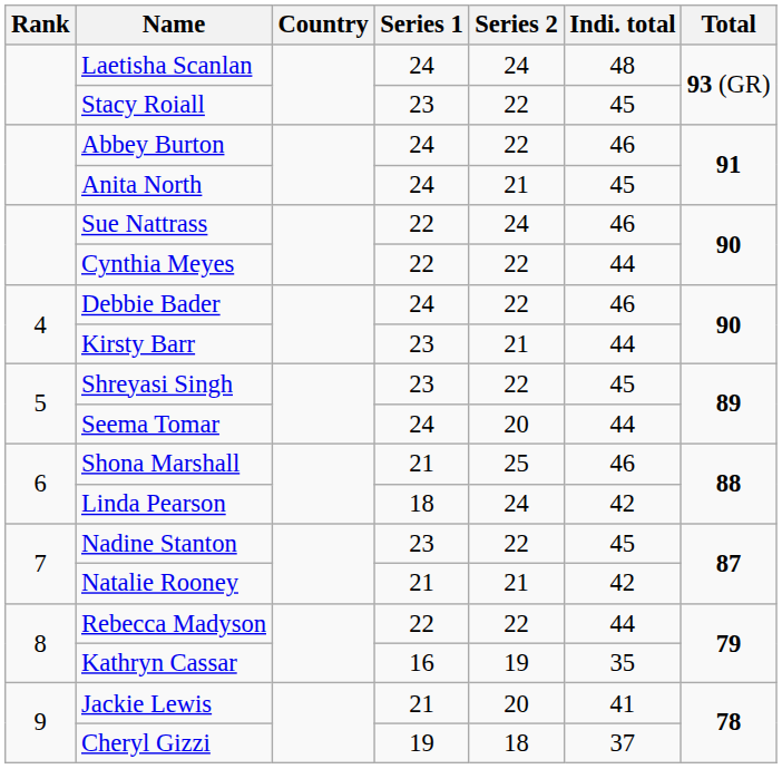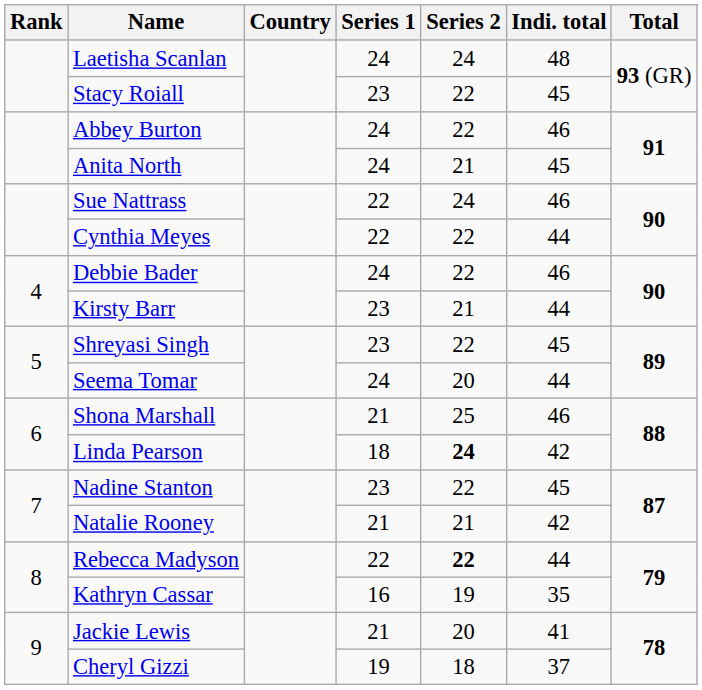 <table class="wikitable sortable" style="text-align:center;">
 <tr>
 <th>Rank</th>
 <th>Name</th>
 <th>Country</th>
 <th>Series 1</th>
 <th>Series 2</th>
 <th>Indi. total</th>
 <th>Total</th>
 </tr>
 <tr>
 <td rowspan=2></td>
 <td align=left><a href='#'>Laetisha Scanlan</a></td>
 <td rowspan=2></td>
 <td>24</td>
 <td>24</td>
 <td>48</td>
 <td rowspan=2><strong>93</strong> (GR)</td>
 </tr>
 <tr>
 <td align=left><a href='#'>Stacy Roiall</a></td>
 <td>23</td>
 <td>22</td>
 <td>45</td>
 </tr>
 <tr>
 <td rowspan=2></td>
 <td align=left><a href='#'>Abbey Burton</a></td>
 <td rowspan=2></td>
 <td>24</td>
 <td>22</td>
 <td>46</td>
 <td rowspan=2><strong>91</strong></td>
 </tr>
 <tr>
 <td align=left><a href='#'>Anita North</a></td>
 <td>24</td>
 <td>21</td>
 <td>45</td>
 </tr>
 <tr>
 <td rowspan=2></td>
 <td align=left><a href='#'>Sue Nattrass</a></td>
 <td rowspan=2></td>
 <td>22</td>
 <td>24</td>
 <td>46</td>
 <td rowspan=2><strong>90</strong></td>
 </tr>
 <tr>
 <td align=left><a href='#'>Cynthia Meyes</a></td>
 <td>22</td>
 <td>22</td>
 <td>44</td>
 </tr>
 <tr>
 <td rowspan=2>4</td>
 <td align=left><a href='#'>Debbie Bader</a></td>
 <td rowspan=2></td>
 <td>24</td>
 <td>22</td>
 <td>46</td>
 <td rowspan=2><strong>90</strong></td>
 </tr>
 <tr>
 <td align=left><a href='#'>Kirsty Barr</a></td>
 <td>23</td>
 <td>21</td>
 <td>44</td>
 </tr>
 <tr>
 <td rowspan=2>5</td>
 <td align=left><a href='#'>Shreyasi Singh</a></td>
 <td rowspan=2></td>
 <td>23</td>
 <td>22</td>
 <td>45</td>
 <td rowspan=2><strong>89</strong></td>
 </tr>
 <tr>
 <td align=left><a href='#'>Seema Tomar</a></td>
 <td>24</td>
 <td>20</td>
 <td>44</td>
 </tr>
 <tr>
 <td rowspan=2>6</td>
 <td align=left><a href='#'>Shona Marshall</a></td>
 <td rowspan=2></td>
 <td>21</td>
 <td>25</td>
 <td>46</td>
 <td rowspan=2><strong>88</strong></td>
 </tr>
 <tr>
 <td align=left><a href='#'>Linda Pearson</a></td>
 <td>18</td>
-<td>24</td>
+<td><strong>24</strong></td>
 <td>42</td>
 </tr>
 <tr>
 <td rowspan=2>7</td>
 <td align=left><a href='#'>Nadine Stanton</a></td>
 <td rowspan=2></td>
 <td>23</td>
 <td>22</td>
 <td>45</td>
 <td rowspan=2><strong>87</strong></td>
 </tr>
 <tr>
 <td align=left><a href='#'>Natalie Rooney</a></td>
 <td>21</td>
 <td>21</td>
 <td>42</td>
 </tr>
 <tr>
 <td rowspan=2>8</td>
 <td align=left><a href='#'>Rebecca Madyson</a></td>
 <td rowspan=2></td>
 <td>22</td>
-<td>22</td>
+<td><strong>22</strong></td>
 <td>44</td>
 <td rowspan=2><strong>79</strong></td>
 </tr>
 <tr>
 <td align=left><a href='#'>Kathryn Cassar</a></td>
 <td>16</td>
 <td>19</td>
 <td>35</td>
 </tr>
 <tr>
 <td rowspan=2>9</td>
 <td align=left><a href='#'>Jackie Lewis</a></td>
 <td rowspan=2></td>
 <td>21</td>
 <td>20</td>
 <td>41</td>
 <td rowspan=2><strong>78</strong></td>
 </tr>
 <tr>
 <td align=left><a href='#'>Cheryl Gizzi</a></td>
 <td>19</td>
 <td>18</td>
 <td>37</td>
 </tr>
 </table>
